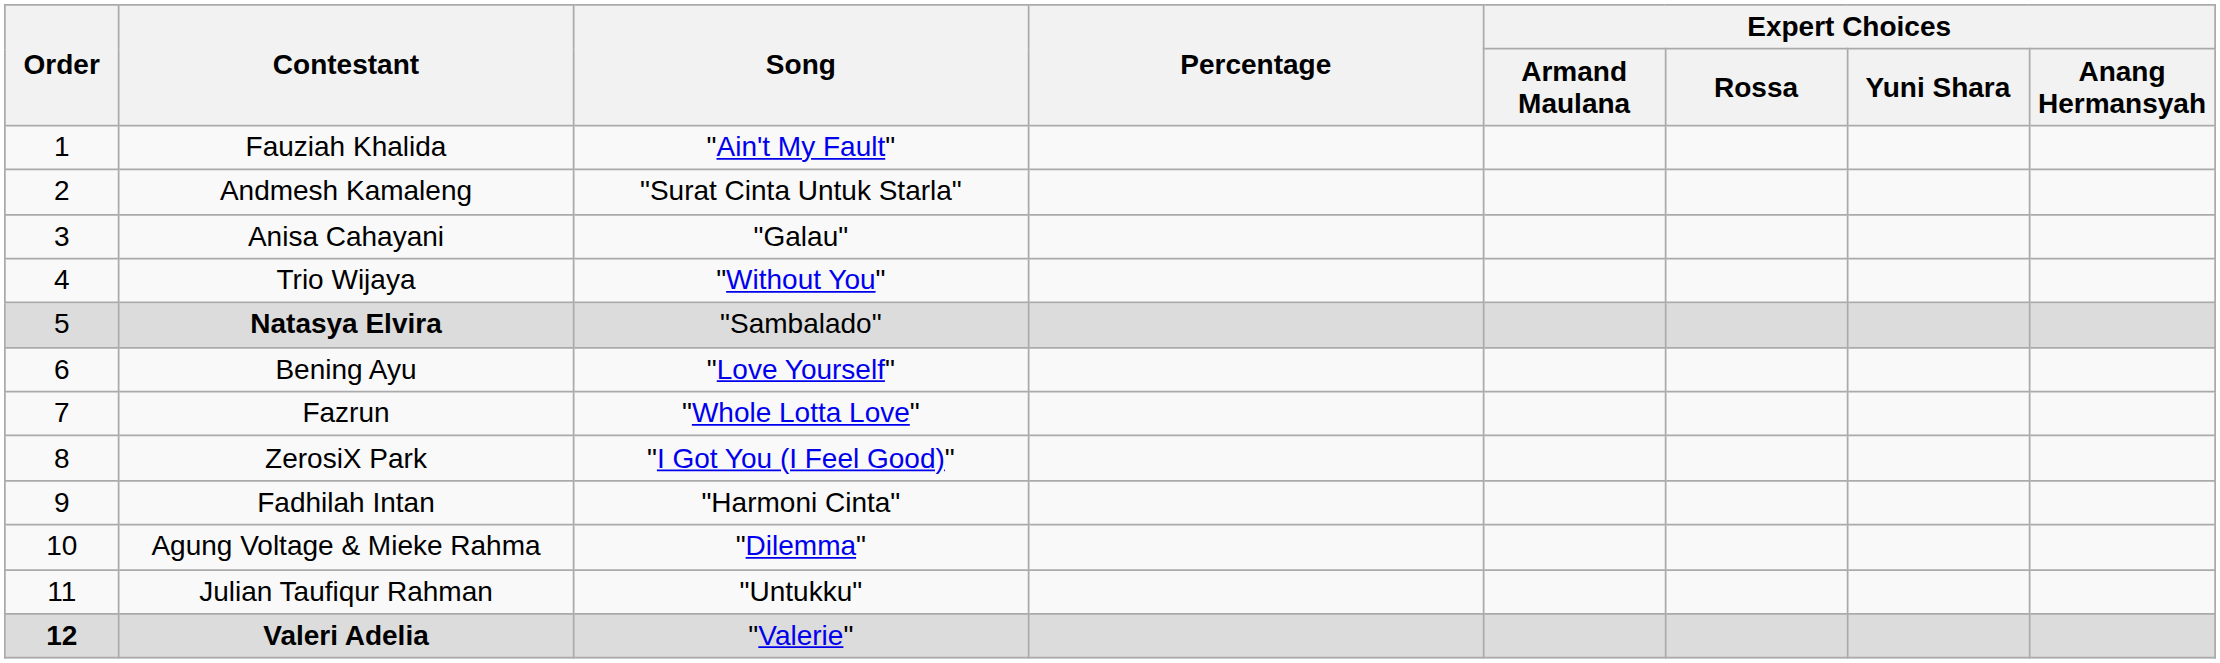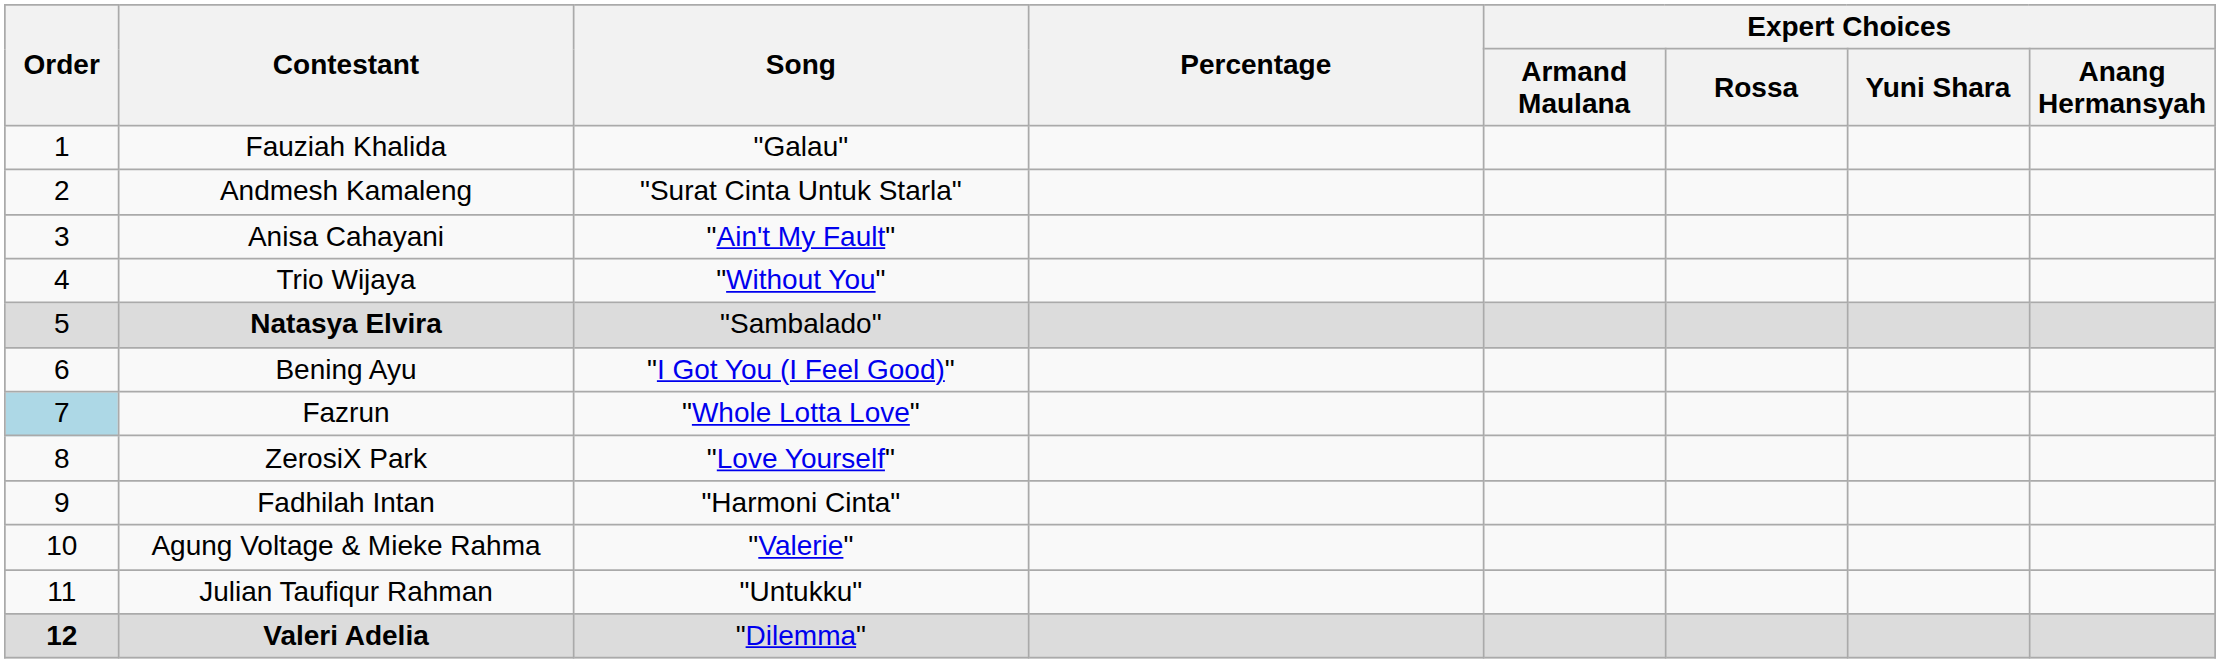 <table class="wikitable" style="text-align:center; width:100%;">
 <tr>
 <th scope="col" rowspan="2" style="width:05%;">Order</th>
 <th scope="col" rowspan="2" style="width:20%;">Contestant</th>
 <th scope="col" rowspan="2" style="width:20%;">Song</th>
 <th scope="col" rowspan="2" style="width:20%;">Percentage</th>
 <th scope="col" colspan="4" style="width:32%;">Expert Choices</th>
 </tr>
 <tr>
 <th style="width:08%;">Armand Maulana</th>
 <th style="width:08%;">Rossa</th>
 <th style="width:08%;">Yuni Shara</th>
 <th style="width:08%;">Anang Hermansyah</th>
 </tr>
 <tr>
 <td>1</td>
 <td>Fauziah Khalida</td>
-<td>"<a href='#'>Ain't My Fault</a>"</td>
+<td>"Galau"</td>
 <td></td>
 <td></td>
 <td></td>
 <td></td>
 <td></td>
 </tr>
 <tr>
 <td>2</td>
 <td>Andmesh Kamaleng</td>
 <td>"Surat Cinta Untuk Starla"</td>
 <td></td>
 <td></td>
 <td></td>
 <td></td>
 <td></td>
 </tr>
 <tr>
 <td>3</td>
 <td>Anisa Cahayani</td>
-<td>"Galau"</td>
+<td>"<a href='#'>Ain't My Fault</a>"</td>
 <td></td>
 <td></td>
 <td></td>
 <td></td>
 <td></td>
 </tr>
 <tr>
 <td>4</td>
 <td>Trio Wijaya</td>
 <td>"<a href='#'>Without You</a>"</td>
 <td></td>
 <td></td>
 <td></td>
 <td></td>
 <td></td>
 </tr>
 <tr style="background:#DCDCDC;">
 <td>5</td>
 <td><strong>Natasya Elvira</strong></td>
 <td>"Sambalado"</td>
 <td></td>
 <td></td>
 <td></td>
 <td></td>
 <td></td>
 </tr>
 <tr>
 <td>6</td>
 <td>Bening Ayu</td>
-<td>"<a href='#'>Love Yourself</a>"</td>
+<td>"<a href='#'>I Got You (I Feel Good)</a>"</td>
 <td></td>
 <td></td>
 <td></td>
 <td></td>
 <td></td>
 </tr>
 <tr>
-<td>7</td>
+<td style="background: lightblue;">7</td>
 <td>Fazrun</td>
 <td>"<a href='#'>Whole Lotta Love</a>"</td>
 <td></td>
 <td></td>
 <td></td>
 <td></td>
 <td></td>
 </tr>
 <tr>
 <td>8</td>
 <td>ZerosiX Park</td>
-<td>"<a href='#'>I Got You (I Feel Good)</a>"</td>
+<td>"<a href='#'>Love Yourself</a>"</td>
 <td></td>
 <td></td>
 <td></td>
 <td></td>
 <td></td>
 </tr>
 <tr>
 <td>9</td>
 <td>Fadhilah Intan</td>
 <td>"Harmoni Cinta"</td>
 <td></td>
 <td></td>
 <td></td>
 <td></td>
 <td></td>
 </tr>
 <tr>
 <td>10</td>
 <td>Agung Voltage & Mieke Rahma</td>
-<td>"<a href='#'>Dilemma</a>"</td>
+<td>"<a href='#'>Valerie</a>"</td>
 <td></td>
 <td></td>
 <td></td>
 <td></td>
 <td></td>
 </tr>
 <tr>
 <td>11</td>
 <td>Julian Taufiqur Rahman</td>
 <td>"Untukku"</td>
 <td></td>
 <td></td>
 <td></td>
 <td></td>
 <td></td>
 </tr>
 <tr style="background:#DCDCDC;">
 <td><strong>12</strong></td>
 <td><strong>Valeri Adelia</strong></td>
-<td>"<a href='#'>Valerie</a>"</td>
+<td>"<a href='#'>Dilemma</a>"</td>
 <td></td>
 <td></td>
 <td></td>
 <td></td>
 <td></td>
 </tr>
 </table>
